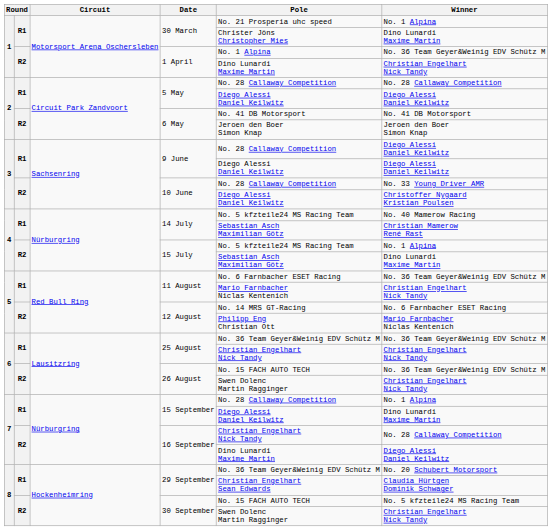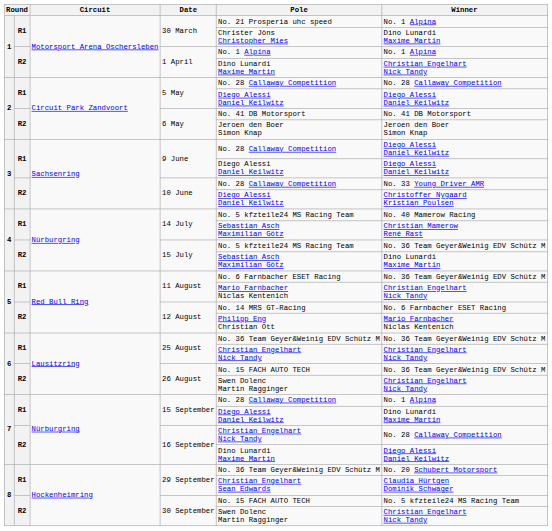 <table class="wikitable" style="font-size: 85%;">
 <tr>
 <th colspan=2>Round</th>
 <th>Circuit</th>
 <th>Date</th>
 <th>Pole</th>
 <th>Winner</th>
 </tr>
 <tr>
 <th rowspan=4>1</th>
 <th rowspan=2>R1</th>
 <td rowspan=4> <a href='#'>Motorsport Arena Oschersleben</a></td>
 <td rowspan=2>30 March</td>
 <td>No. 21 Prosperia uhc speed</td>
 <td>No. 1 <a href='#'>Alpina</a></td>
 </tr>
 <tr>
 <td> Christer Jöns<br> <a href='#'>Christopher Mies</a></td>
 <td> Dino Lunardi<br> <a href='#'>Maxime Martin</a></td>
 </tr>
 <tr>
 <th rowspan=2>R2</th>
 <td rowspan=2>1 April</td>
 <td>No. 1 <a href='#'>Alpina</a></td>
-<td>No. 36 Team Geyer&Weinig EDV Schütz M</td>
+<td>No. 1 <a href='#'>Alpina</a></td>
 </tr>
 <tr>
 <td> Dino Lunardi<br> <a href='#'>Maxime Martin</a></td>
 <td> <a href='#'>Christian Engelhart</a><br> <a href='#'>Nick Tandy</a></td>
 </tr>
 <tr>
 <th rowspan=4>2</th>
 <th rowspan=2>R1</th>
 <td rowspan=4> <a href='#'>Circuit Park Zandvoort</a></td>
 <td rowspan=2>5 May</td>
 <td>No. 28 <a href='#'>Callaway Competition</a></td>
 <td>No. 28 <a href='#'>Callaway Competition</a></td>
 </tr>
 <tr>
 <td> <a href='#'>Diego Alessi</a><br> <a href='#'>Daniel Keilwitz</a></td>
 <td> <a href='#'>Diego Alessi</a><br> <a href='#'>Daniel Keilwitz</a></td>
 </tr>
 <tr>
 <th rowspan=2>R2</th>
 <td rowspan=2>6 May</td>
 <td>No. 41 DB Motorsport</td>
 <td>No. 41 DB Motorsport</td>
 </tr>
 <tr>
 <td> Jeroen den Boer<br> Simon Knap</td>
 <td> Jeroen den Boer<br> Simon Knap</td>
 </tr>
 <tr>
 <th rowspan=4>3</th>
 <th rowspan=2>R1</th>
 <td rowspan=4> <a href='#'>Sachsenring</a></td>
 <td rowspan=2>9 June</td>
 <td>No. 28 <a href='#'>Callaway Competition</a></td>
 <td> <a href='#'>Diego Alessi</a><br> <a href='#'>Daniel Keilwitz</a></td>
 </tr>
 <tr>
 <td> Diego Alessi<br> <a href='#'>Daniel Keilwitz</a></td>
 <td> <a href='#'>Diego Alessi</a><br> <a href='#'>Daniel Keilwitz</a></td>
 </tr>
 <tr>
 <th rowspan=2>R2</th>
 <td rowspan=2>10 June</td>
 <td>No. 28 <a href='#'>Callaway Competition</a></td>
 <td>No. 33 <a href='#'>Young Driver AMR</a></td>
 </tr>
 <tr>
 <td> <a href='#'>Diego Alessi</a><br> <a href='#'>Daniel Keilwitz</a></td>
 <td> <a href='#'>Christoffer Nygaard</a><br> <a href='#'>Kristian Poulsen</a></td>
 </tr>
 <tr>
 <th rowspan=4>4</th>
 <th rowspan=2>R1</th>
 <td rowspan=4> <a href='#'>Nürburgring</a></td>
 <td rowspan=2>14 July</td>
 <td>No. 5 kfzteile24 MS Racing Team</td>
 <td>No. 40 Mamerow Racing</td>
 </tr>
 <tr>
 <td> <a href='#'>Sebastian Asch</a><br> <a href='#'>Maximilian Götz</a></td>
 <td> <a href='#'>Christian Mamerow</a><br> <a href='#'>René Rast</a></td>
 </tr>
 <tr>
 <th rowspan=2>R2</th>
 <td rowspan=2>15 July</td>
 <td>No. 5 kfzteile24 MS Racing Team</td>
-<td>No. 1 <a href='#'>Alpina</a></td>
+<td>No. 36 Team Geyer&Weinig EDV Schütz M</td>
 </tr>
 <tr>
 <td> <a href='#'>Sebastian Asch</a><br> <a href='#'>Maximilian Götz</a></td>
 <td> Dino Lunardi<br> <a href='#'>Maxime Martin</a></td>
 </tr>
 <tr>
 <th rowspan=4>5</th>
 <th rowspan=2>R1</th>
 <td rowspan=4> <a href='#'>Red Bull Ring</a></td>
 <td rowspan=2>11 August</td>
 <td>No. 6 Farnbacher ESET Racing</td>
 <td>No. 36 Team Geyer&Weinig EDV Schütz M</td>
 </tr>
 <tr>
 <td> <a href='#'>Mario Farnbacher</a><br> Niclas Kentenich</td>
 <td> <a href='#'>Christian Engelhart</a><br> <a href='#'>Nick Tandy</a></td>
 </tr>
 <tr>
 <th rowspan=2>R2</th>
 <td rowspan=2>12 August</td>
 <td>No. 14 MRS GT-Racing</td>
 <td>No. 6 Farnbacher ESET Racing</td>
 </tr>
 <tr>
 <td> <a href='#'>Philipp Eng</a><br> Christian Ott</td>
 <td> <a href='#'>Mario Farnbacher</a><br> Niclas Kentenich</td>
 </tr>
 <tr>
 <th rowspan=4>6</th>
 <th rowspan=2>R1</th>
 <td rowspan=4> <a href='#'>Lausitzring</a></td>
 <td rowspan=2>25 August</td>
 <td>No. 36 Team Geyer&Weinig EDV Schütz M</td>
 <td>No. 36 Team Geyer&Weinig EDV Schütz M</td>
 </tr>
 <tr>
 <td> <a href='#'>Christian Engelhart</a><br> <a href='#'>Nick Tandy</a></td>
 <td> <a href='#'>Christian Engelhart</a><br> <a href='#'>Nick Tandy</a></td>
 </tr>
 <tr>
 <th rowspan=2>R2</th>
 <td rowspan=2>26 August</td>
 <td>No. 15 FACH AUTO TECH</td>
 <td>No. 36 Team Geyer&Weinig EDV Schütz M</td>
 </tr>
 <tr>
 <td> Swen Dolenc<br> Martin Ragginger</td>
 <td> <a href='#'>Christian Engelhart</a><br> <a href='#'>Nick Tandy</a></td>
 </tr>
 <tr>
 <th rowspan=4>7</th>
 <th rowspan=2>R1</th>
 <td rowspan=4> <a href='#'>Nürburgring</a></td>
 <td rowspan=2>15 September</td>
 <td>No. 28 <a href='#'>Callaway Competition</a></td>
 <td>No. 1 <a href='#'>Alpina</a></td>
 </tr>
 <tr>
 <td> <a href='#'>Diego Alessi</a><br> <a href='#'>Daniel Keilwitz</a></td>
 <td> Dino Lunardi<br> <a href='#'>Maxime Martin</a></td>
 </tr>
 <tr>
 <th rowspan=2>R2</th>
 <td rowspan=2>16 September</td>
 <td> <a href='#'>Christian Engelhart</a><br> <a href='#'>Nick Tandy</a></td>
 <td>No. 28 <a href='#'>Callaway Competition</a></td>
 </tr>
 <tr>
 <td> Dino Lunardi<br> <a href='#'>Maxime Martin</a></td>
 <td> <a href='#'>Diego Alessi</a><br> <a href='#'>Daniel Keilwitz</a></td>
 </tr>
 <tr>
 <th rowspan=4>8</th>
 <th rowspan=2>R1</th>
 <td rowspan=4> <a href='#'>Hockenheimring</a></td>
 <td rowspan=2>29 September</td>
 <td>No. 36 Team Geyer&Weinig EDV Schütz M</td>
 <td>No. 20 <a href='#'>Schubert Motorsport</a></td>
 </tr>
 <tr>
 <td> <a href='#'>Christian Engelhart</a><br> <a href='#'>Sean Edwards</a></td>
 <td> <a href='#'>Claudia Hürtgen</a><br> <a href='#'>Dominik Schwager</a></td>
 </tr>
 <tr>
 <th rowspan=2>R2</th>
 <td rowspan=2>30 September</td>
 <td>No. 15 FACH AUTO TECH</td>
 <td>No. 5 kfzteile24 MS Racing Team</td>
 </tr>
 <tr>
 <td> Swen Dolenc<br> Martin Ragginger</td>
 <td> <a href='#'>Christian Engelhart</a><br> <a href='#'>Nick Tandy</a></td>
 </tr>
 </table>
